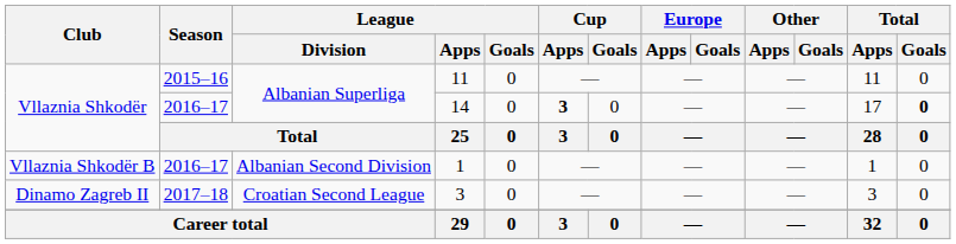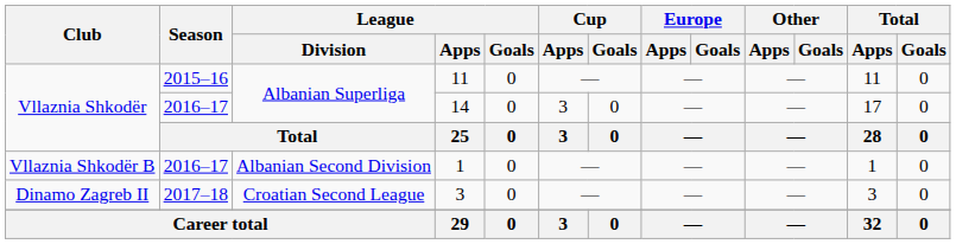 <table class="wikitable" style="text-align:center">
 <tr>
 <th rowspan="2">Club</th>
 <th rowspan="2">Season</th>
 <th colspan="3">League</th>
 <th colspan="2">Cup</th>
 <th colspan="2"><a href='#'>Europe</a></th>
 <th colspan="2">Other</th>
 <th colspan="2">Total</th>
 </tr>
 <tr>
 <th>Division</th>
 <th>Apps</th>
 <th>Goals</th>
 <th>Apps</th>
 <th>Goals</th>
 <th>Apps</th>
 <th>Goals</th>
 <th>Apps</th>
 <th>Goals</th>
 <th>Apps</th>
 <th>Goals</th>
 </tr>
 <tr>
 <td rowspan="3" valign="center"><a href='#'>Vllaznia Shkodër</a></td>
 <td><a href='#'>2015–16</a></td>
 <td rowspan="2"><a href='#'>Albanian Superliga</a></td>
 <td>11</td>
 <td>0</td>
 <td colspan="2">—</td>
 <td colspan="2">—</td>
 <td colspan="2">—</td>
 <td>11</td>
 <td>0</td>
 </tr>
 <tr>
 <td><a href='#'>2016–17</a></td>
 <td>14</td>
 <td>0</td>
-<td><strong>3</strong></td>
+<td>3</td>
 <td>0</td>
 <td colspan="2">—</td>
 <td colspan="2">—</td>
 <td>17</td>
-<td><strong>0</strong></td>
+<td>0</td>
 </tr>
 <tr>
 <th colspan="2" valign="center">Total</th>
 <th>25</th>
 <th>0</th>
 <th>3</th>
 <th>0</th>
 <th colspan="2">—</th>
 <th colspan="2">—</th>
 <th>28</th>
 <th>0</th>
 </tr>
 <tr>
 <td rowspan="1" valign="center"><a href='#'>Vllaznia Shkodër B</a></td>
 <td><a href='#'>2016–17</a></td>
 <td rowspan="1"><a href='#'>Albanian Second Division</a></td>
 <td>1</td>
 <td>0</td>
 <td colspan="2">—</td>
 <td colspan="2">—</td>
 <td colspan="2">—</td>
 <td>1</td>
 <td>0</td>
 </tr>
 <tr>
 <td rowspan="1" valign="center"><a href='#'>Dinamo Zagreb II</a></td>
 <td><a href='#'>2017–18</a></td>
 <td rowspan="1"><a href='#'>Croatian Second League</a></td>
 <td>3</td>
 <td>0</td>
 <td colspan="2">—</td>
 <td colspan="2">—</td>
 <td colspan="2">—</td>
 <td>3</td>
 <td>0</td>
 </tr>
 <tr>
 </tr>
 <tr>
 <th colspan="3">Career total</th>
 <th>29</th>
 <th>0</th>
 <th>3</th>
 <th>0</th>
 <th colspan="2">—</th>
 <th colspan="2">—</th>
 <th>32</th>
 <th>0</th>
 </tr>
 </table>
